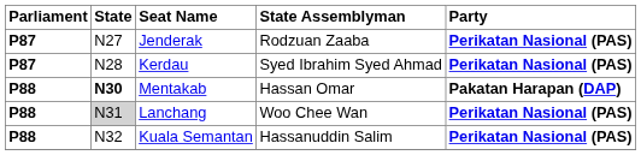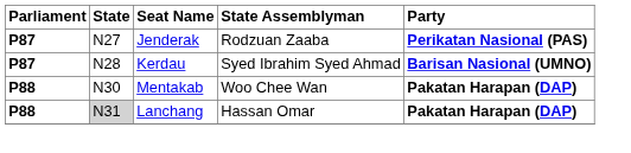 <table class="toccolours sortable" border="1" cellpadding="3" style="border-collapse:collapse; text-align: left;">
 <tr>
 <th align="center">Parliament</th>
 <th>State</th>
 <th>Seat Name</th>
 <th>State Assemblyman</th>
 <th>Party</th>
 </tr>
 <tr>
 <th align="left">P87</th>
 <td>N27</td>
 <td><a href='#'>Jenderak</a></td>
 <td>Rodzuan Zaaba</td>
 <td><strong><a href='#'>Perikatan Nasional</a> (PAS)</strong></td>
 </tr>
 <tr>
 <th align="left">P87</th>
 <td>N28</td>
 <td><a href='#'>Kerdau</a></td>
 <td>Syed Ibrahim Syed Ahmad</td>
-<td><strong><a href='#'>Perikatan Nasional</a> (PAS)</strong></td>
+<td><strong><a href='#'>Barisan Nasional</a> (UMNO)</strong></td>
 </tr>
 <tr>
 <th align="left">P88</th>
-<td><strong>N30</strong></td>
+<td>N30</td>
 <td><a href='#'>Mentakab</a></td>
-<td>Hassan Omar</td>
+<td>Woo Chee Wan</td>
 <td><strong>Pakatan Harapan (<a href='#'>DAP</a>)</strong></td>
 </tr>
 <tr>
 <th align="left">P88</th>
 <td style="background: lightgrey;">N31</td>
 <td><a href='#'>Lanchang</a></td>
-<td>Woo Chee Wan</td>
-<td><strong><a href='#'>Perikatan Nasional</a> (PAS)</strong></td>
-</tr>
-<tr>
-<th align="left">P88</th>
-<td>N32</td>
-<td><a href='#'>Kuala Semantan</a></td>
-<td>Hassanuddin Salim</td>
-<td><strong><a href='#'>Perikatan Nasional</a> (PAS)</strong></td>
+<td>Hassan Omar</td>
+<td><strong>Pakatan Harapan (<a href='#'>DAP</a>)</strong></td>
 </tr>
 <tr>
 </tr>
 </table>
